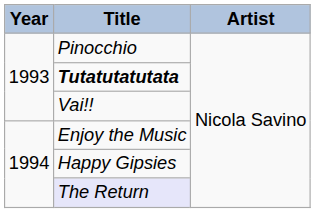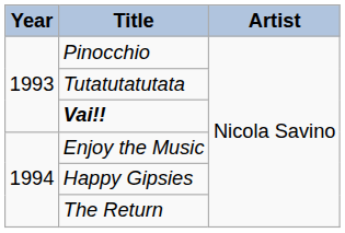 <table class="wikitable">
 <tr>
 <th style="background:#B0C4DE;">Year</th>
 <th style="background:#B0C4DE;">Title</th>
 <th style="background:#B0C4DE;">Artist</th>
 </tr>
 <tr>
 <td rowspan="3">1993</td>
 <td><em>Pinocchio</em></td>
 <td rowspan="6">Nicola Savino</td>
 </tr>
 <tr>
-<td><strong><em>Tutatutatutata</em></strong></td>
+<td><em>Tutatutatutata</em></td>
 </tr>
 <tr>
-<td><em>Vai!!</em></td>
+<td><strong><em>Vai!!</em></strong></td>
 </tr>
 <tr>
 <td rowspan="3">1994</td>
 <td><em>Enjoy the Music</em></td>
 </tr>
 <tr>
 <td><em>Happy Gipsies</em></td>
 </tr>
 <tr>
-<td style="background: lavender;"><em>The Return</em></td>
+<td><em>The Return</em></td>
 </tr>
 </table>
